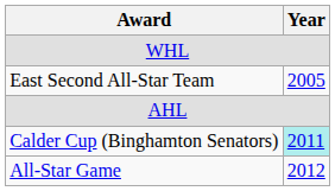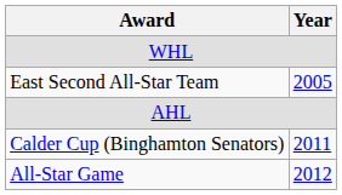 <table class="wikitable">
 <tr>
 <th>Award</th>
 <th>Year</th>
 </tr>
 <tr ALIGN="center" bgcolor="#e0e0e0">
 <td colspan="2"><a href='#'>WHL</a></td>
 </tr>
 <tr>
 <td>East Second All-Star Team</td>
 <td><a href='#'>2005</a></td>
 </tr>
 <tr ALIGN="center" bgcolor="#e0e0e0">
 <td colspan="3"><a href='#'>AHL</a></td>
 </tr>
 <tr>
 <td><a href='#'>Calder Cup</a> (Binghamton Senators)</td>
-<td style="background: paleturquoise;"><a href='#'>2011</a></td>
+<td><a href='#'>2011</a></td>
 </tr>
 <tr>
 <td><a href='#'>All-Star Game</a></td>
 <td><a href='#'>2012</a></td>
 </tr>
 </table>
